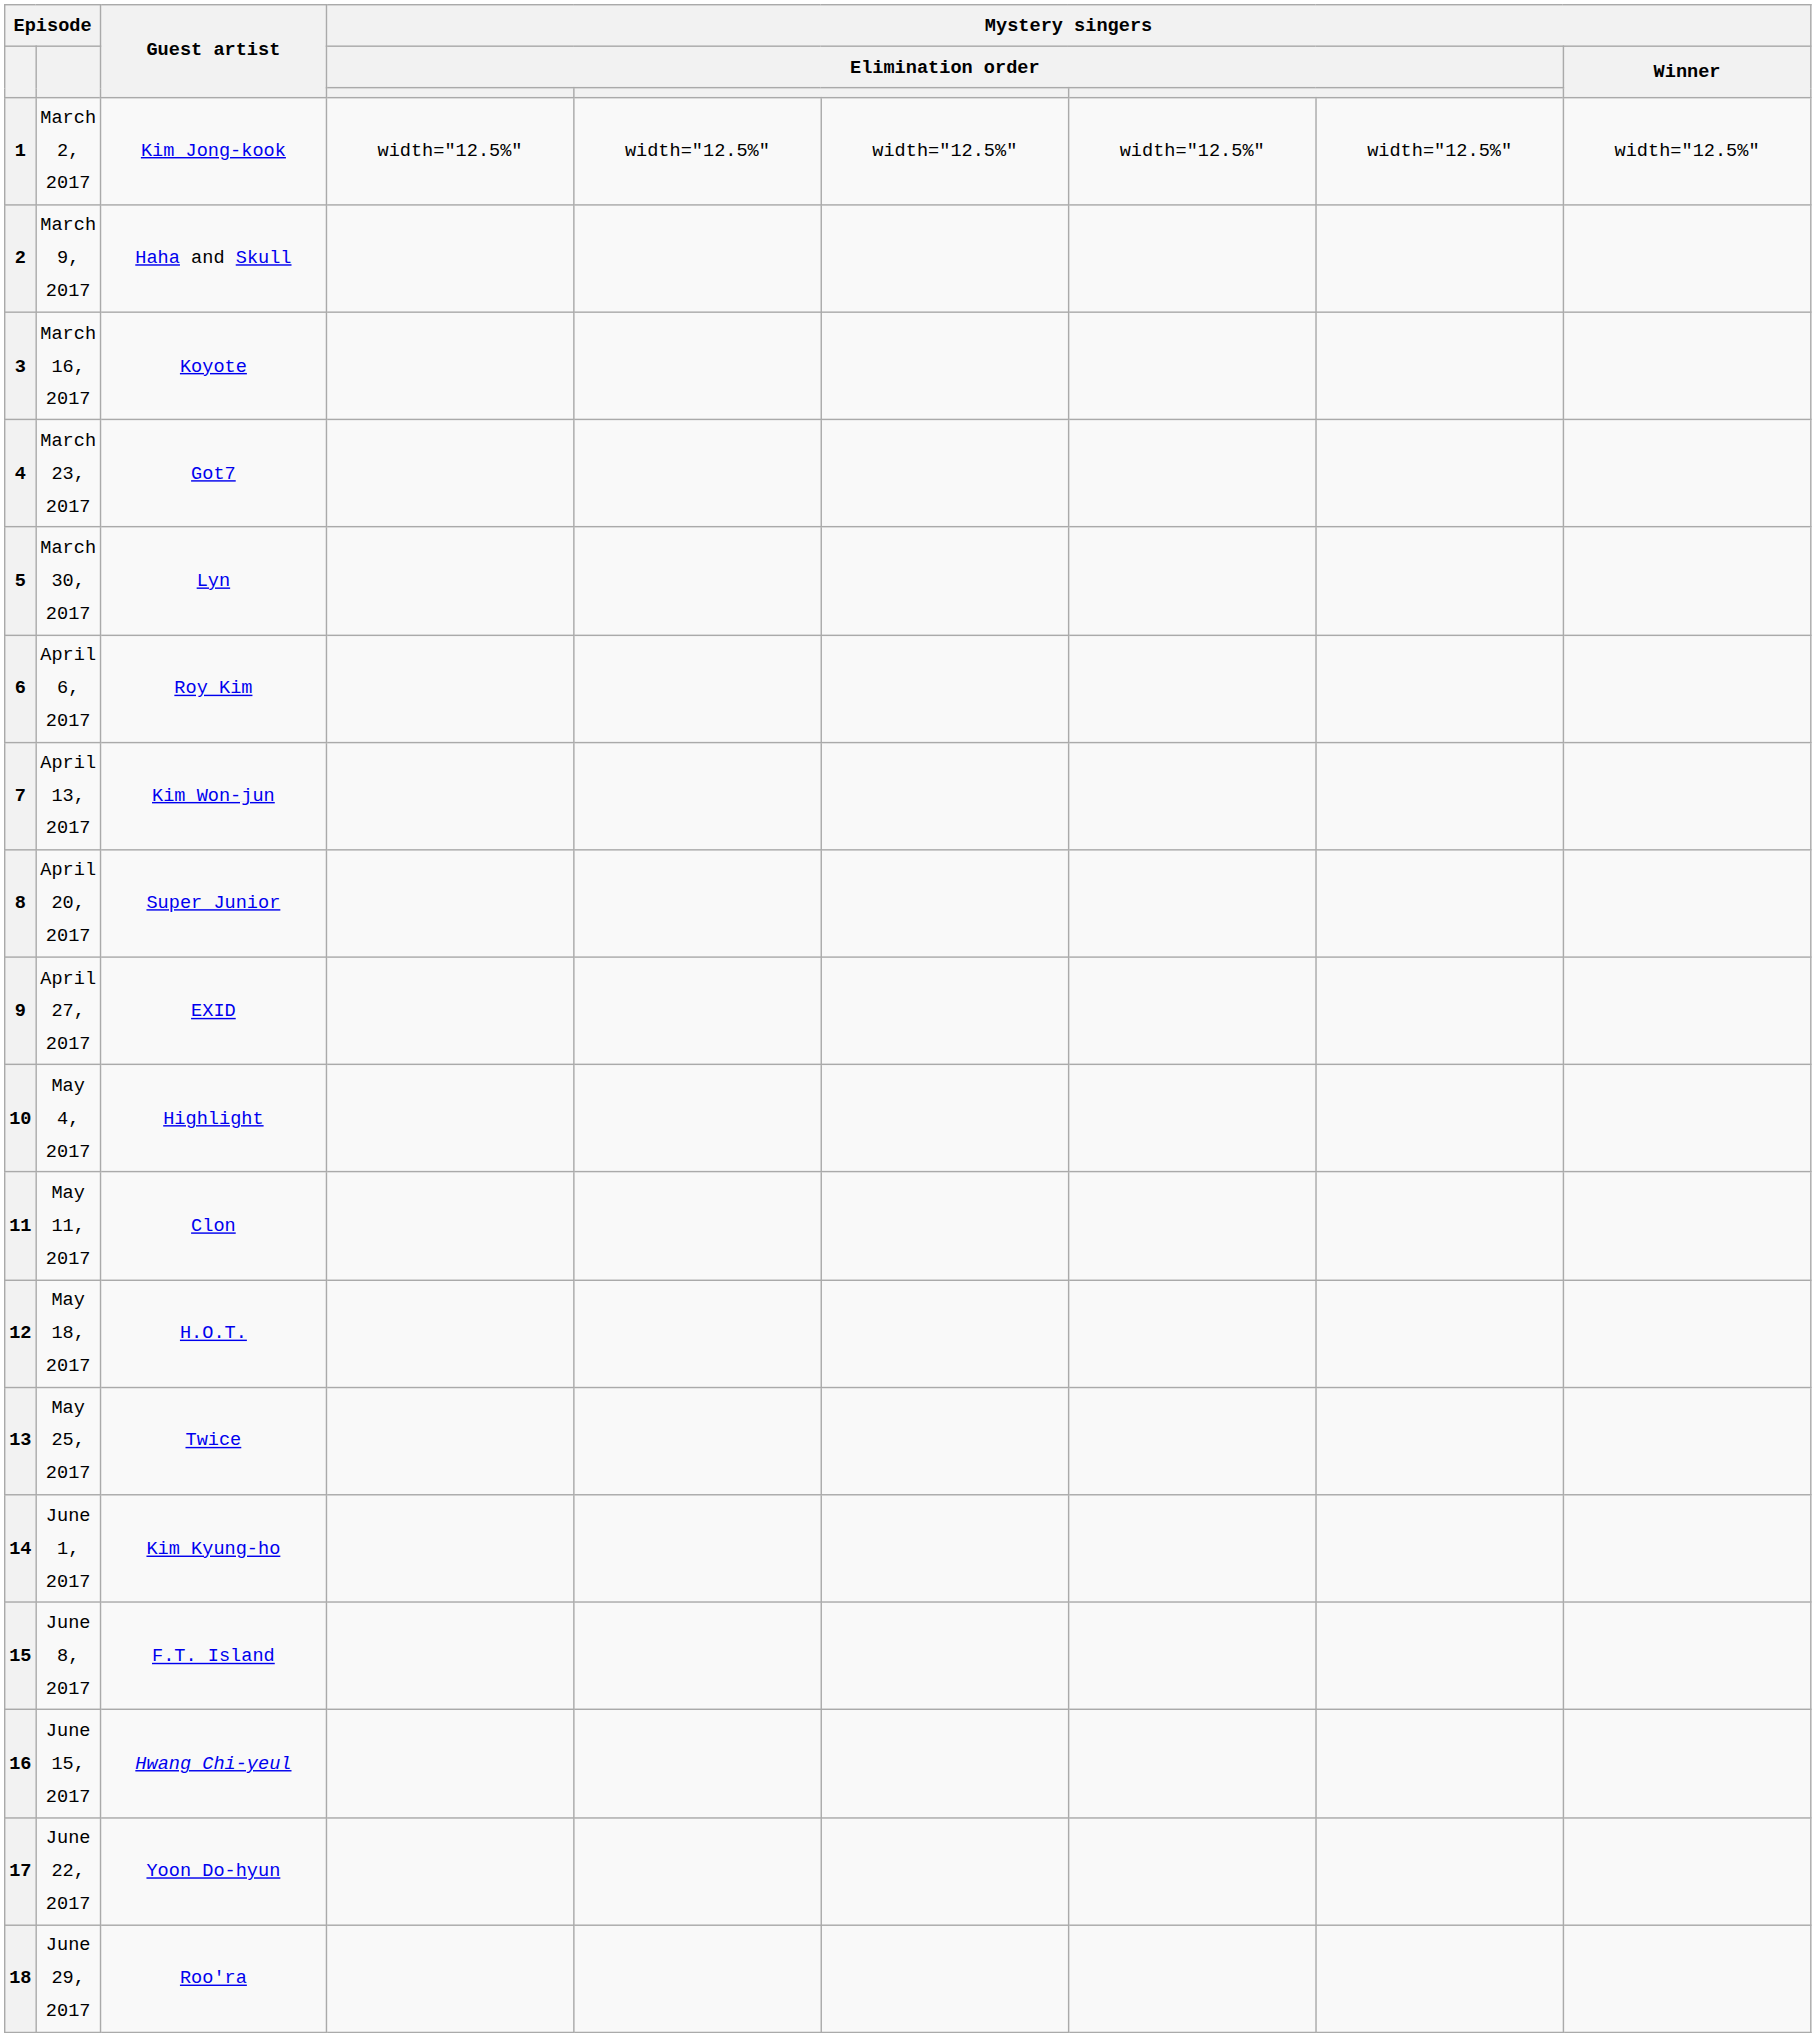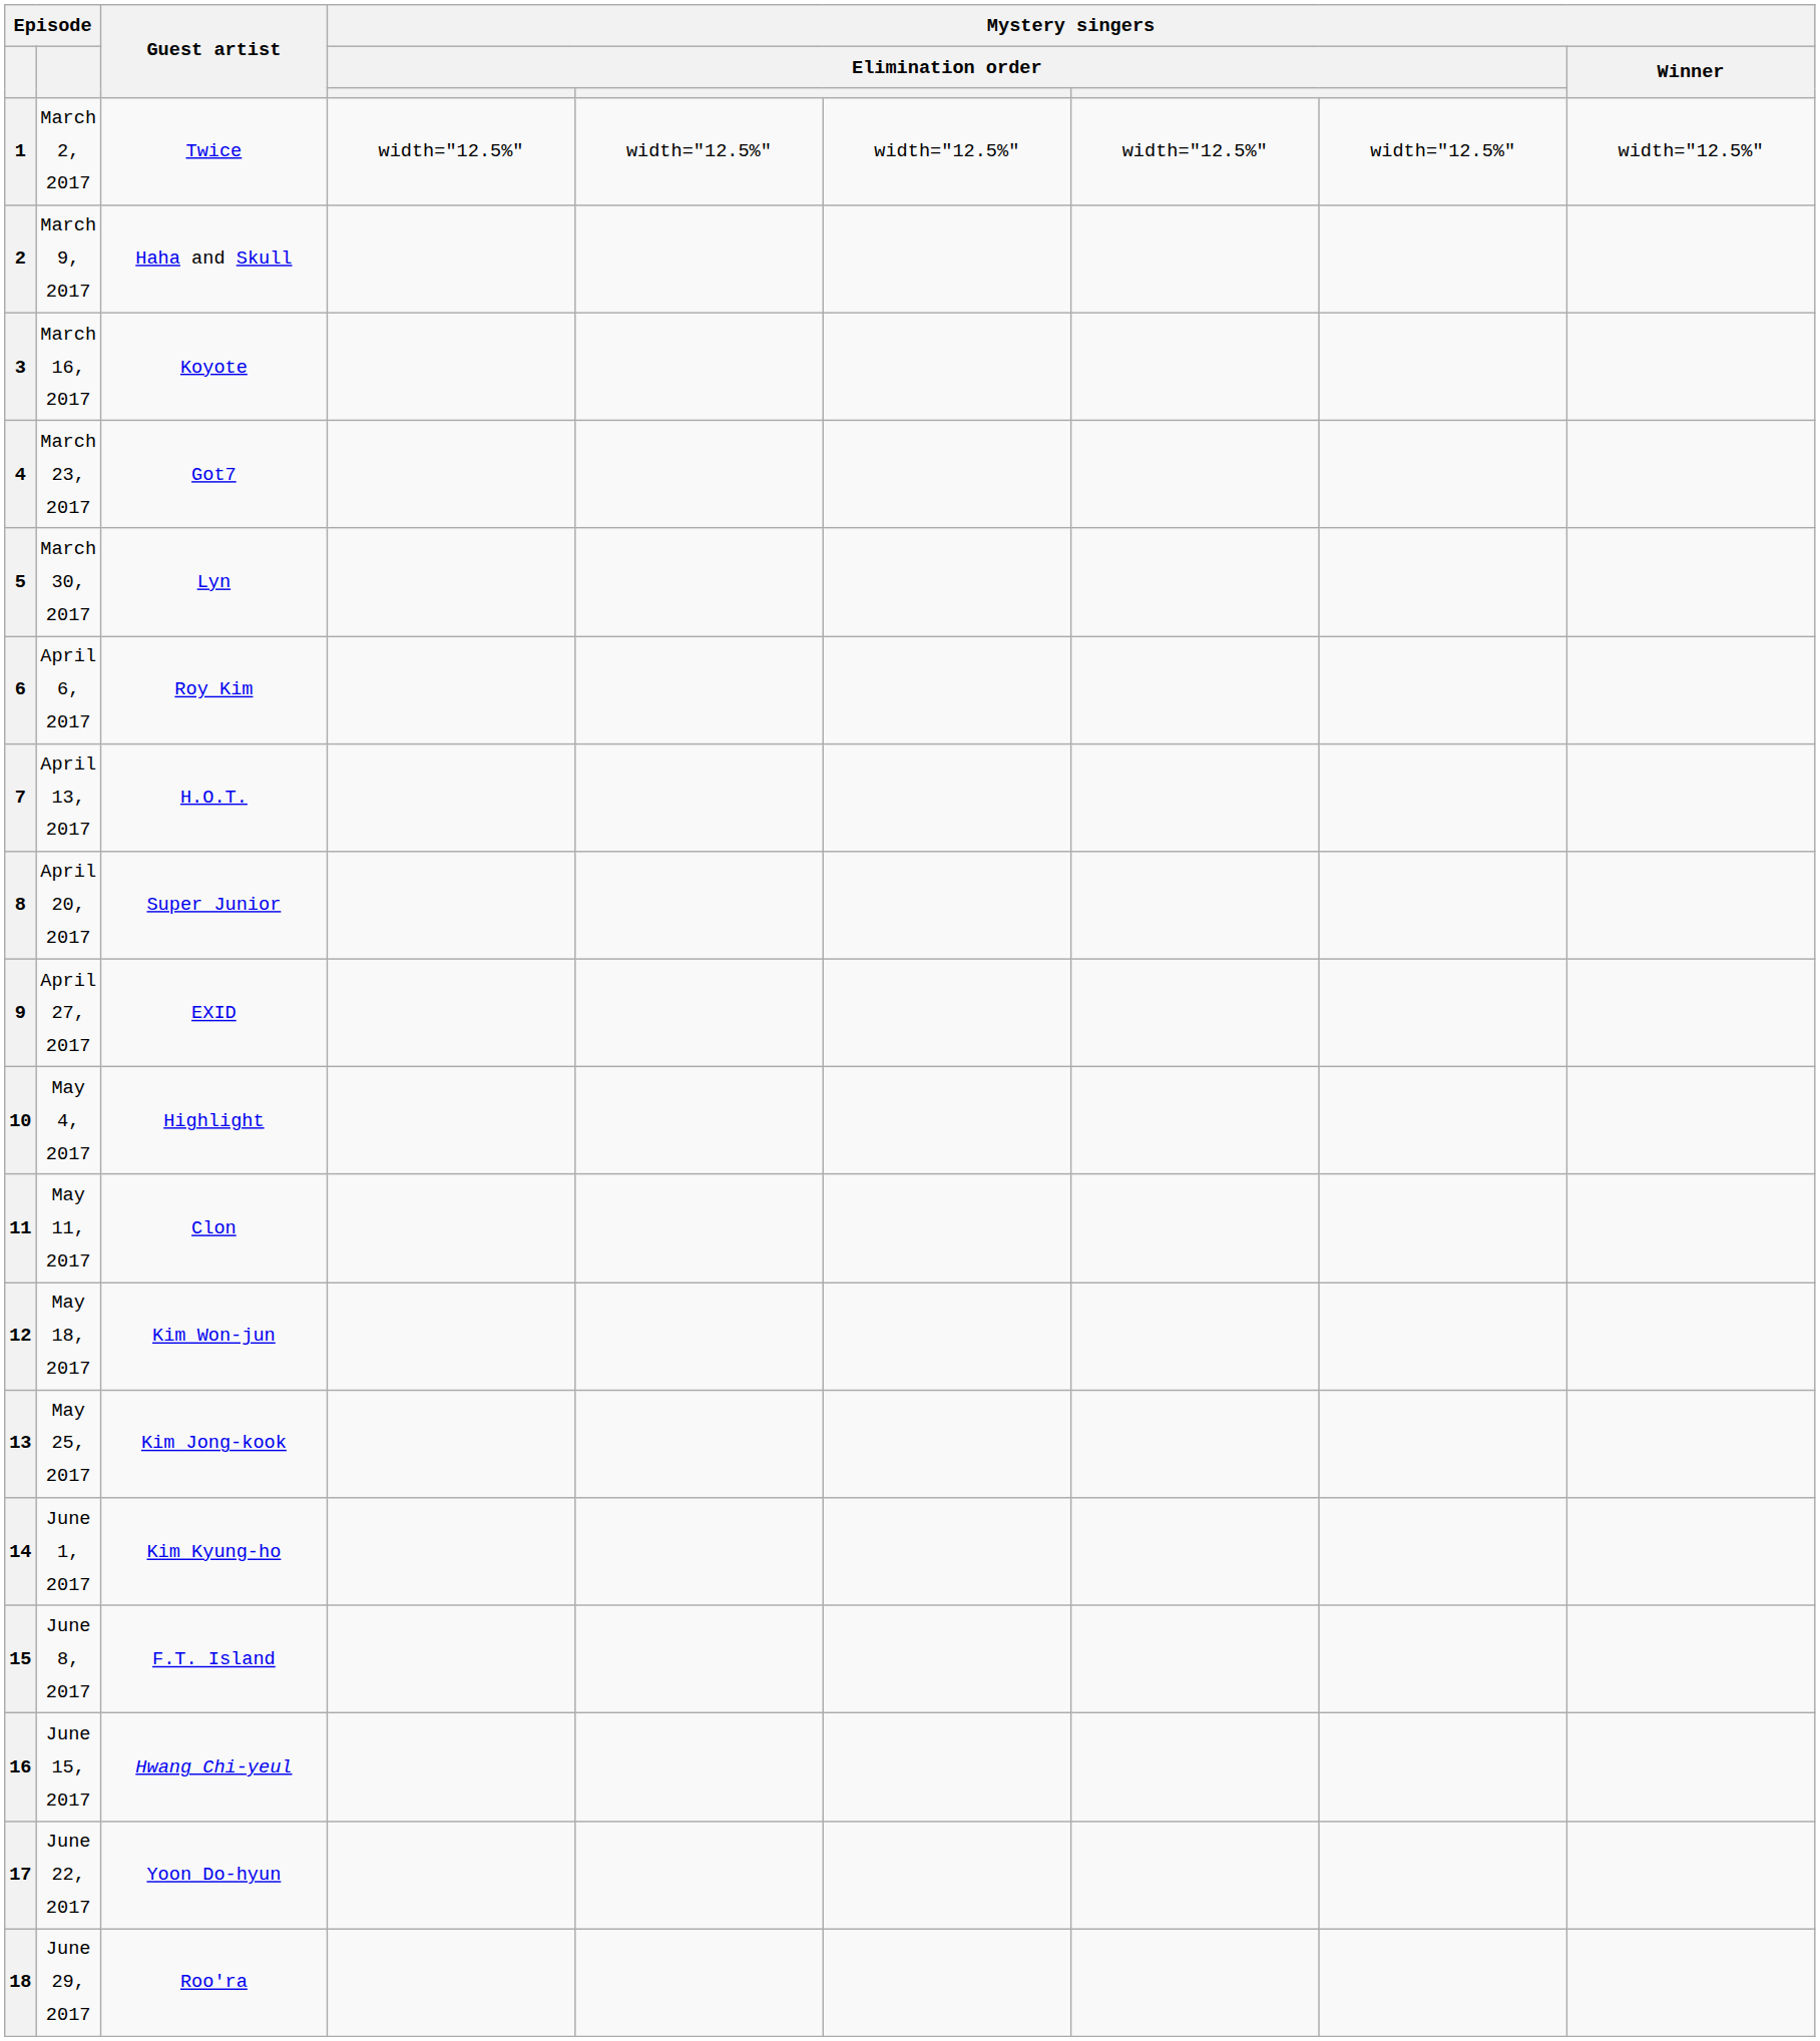 <table class="wikitable plainrowheaders mw-collapsible" style="text-align:center; line-height:23px; width:100%;">
 <tr>
 <th colspan="2" width="1%">Episode</th>
 <th rowspan="3" width="12.5%">Guest artist</th>
 <th colspan="6">Mystery singers<br></th>
 </tr>
 <tr>
 <th rowspan="2"></th>
 <th rowspan="2"></th>
 <th colspan="5">Elimination order</th>
 <th rowspan="2">Winner</th>
 </tr>
 <tr>
 <th></th>
 <th colspan="2"></th>
 <th colspan="2"></th>
 </tr>
 <tr>
 <th>1</th>
 <td>March 2, 2017</td>
-<td><a href='#'>Kim Jong-kook</a><br></td>
+<td><a href='#'>Twice</a><br></td>
 <td>width="12.5%" </td>
 <td>width="12.5%" </td>
 <td>width="12.5%" </td>
 <td>width="12.5%" </td>
 <td>width="12.5%" </td>
 <td>width="12.5%" </td>
 </tr>
 <tr>
 <th>2</th>
 <td>March 9, 2017</td>
 <td><a href='#'>Haha</a> and <a href='#'>Skull</a><br></td>
 <td></td>
 <td></td>
 <td></td>
 <td></td>
 <td></td>
 <td></td>
 </tr>
 <tr>
 <th>3</th>
 <td>March 16, 2017</td>
 <td><a href='#'>Koyote</a><br></td>
 <td></td>
 <td></td>
 <td></td>
 <td></td>
 <td></td>
 <td></td>
 </tr>
 <tr>
 <th>4</th>
 <td>March 23, 2017</td>
 <td><a href='#'>Got7</a><br></td>
 <td></td>
 <td></td>
 <td></td>
 <td></td>
 <td></td>
 <td></td>
 </tr>
 <tr>
 <th>5</th>
 <td>March 30, 2017</td>
 <td><a href='#'>Lyn</a><br></td>
 <td></td>
 <td></td>
 <td></td>
 <td></td>
 <td></td>
 <td></td>
 </tr>
 <tr>
 <th>6</th>
 <td>April 6, 2017</td>
 <td><a href='#'>Roy Kim</a><br></td>
 <td></td>
 <td></td>
 <td></td>
 <td></td>
 <td></td>
 <td></td>
 </tr>
 <tr>
 <th>7</th>
 <td>April 13, 2017</td>
-<td><a href='#'>Kim Won-jun</a><br></td>
+<td><a href='#'>H.O.T.</a><br></td>
 <td></td>
 <td></td>
 <td></td>
 <td></td>
 <td></td>
 <td></td>
 </tr>
 <tr>
 <th>8</th>
 <td>April 20, 2017</td>
 <td><a href='#'>Super Junior</a></td>
 <td></td>
 <td></td>
 <td></td>
 <td></td>
 <td></td>
 <td></td>
 </tr>
 <tr>
 <th>9</th>
 <td>April 27, 2017</td>
 <td><a href='#'>EXID</a><br></td>
 <td></td>
 <td></td>
 <td></td>
 <td></td>
 <td></td>
 <td></td>
 </tr>
 <tr>
 <th>10</th>
 <td>May 4, 2017</td>
 <td><a href='#'>Highlight</a></td>
 <td></td>
 <td></td>
 <td></td>
 <td></td>
 <td></td>
 <td></td>
 </tr>
 <tr>
 <th>11</th>
 <td>May 11, 2017</td>
 <td><a href='#'>Clon</a><br></td>
 <td></td>
 <td></td>
 <td></td>
 <td></td>
 <td></td>
 <td></td>
 </tr>
 <tr>
 <th>12</th>
 <td>May 18, 2017</td>
-<td><a href='#'>H.O.T.</a><br></td>
+<td><a href='#'>Kim Won-jun</a><br></td>
 <td></td>
 <td></td>
 <td></td>
 <td></td>
 <td></td>
 <td></td>
 </tr>
 <tr>
 <th>13</th>
 <td>May 25, 2017</td>
-<td><a href='#'>Twice</a><br></td>
+<td><a href='#'>Kim Jong-kook</a><br></td>
 <td></td>
 <td></td>
 <td></td>
 <td></td>
 <td></td>
 <td></td>
 </tr>
 <tr>
 <th>14</th>
 <td>June 1, 2017</td>
 <td><a href='#'>Kim Kyung-ho</a></td>
 <td></td>
 <td></td>
 <td></td>
 <td></td>
 <td></td>
 <td></td>
 </tr>
 <tr>
 <th>15</th>
 <td>June 8, 2017</td>
 <td><a href='#'>F.T. Island</a><br></td>
 <td></td>
 <td></td>
 <td></td>
 <td></td>
 <td></td>
 <td></td>
 </tr>
 <tr>
 <th>16</th>
 <td>June 15, 2017</td>
 <td><em><a href='#'>Hwang Chi-yeul</a></em></td>
 <td></td>
 <td></td>
 <td></td>
 <td></td>
 <td></td>
 <td></td>
 </tr>
 <tr>
 <th>17</th>
 <td>June 22, 2017</td>
 <td><a href='#'>Yoon Do-hyun</a><br></td>
 <td></td>
 <td></td>
 <td></td>
 <td></td>
 <td></td>
 <td></td>
 </tr>
 <tr>
 <th>18</th>
 <td>June 29, 2017</td>
 <td><a href='#'>Roo'ra</a><br></td>
 <td></td>
 <td></td>
 <td></td>
 <td></td>
 <td></td>
 <td></td>
 </tr>
 </table>
